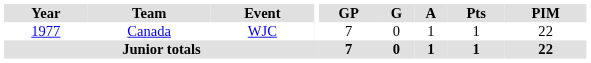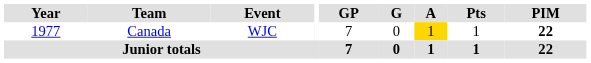 <table border="0" cellpadding="1" cellspacing="0" ID="Table3" style="text-align:center; width:40em">
 <tr bgcolor="#e0e0e0">
 <th>Year</th>
 <th>Team</th>
 <th>Event</th>
 <th rowspan="102" bgcolor="#ffffff"></th>
 <th>GP</th>
 <th>G</th>
 <th>A</th>
 <th>Pts</th>
 <th>PIM</th>
 </tr>
 <tr>
 <td><a href='#'>1977</a></td>
 <td><a href='#'>Canada</a></td>
 <td><a href='#'>WJC</a></td>
 <td>7</td>
 <td>0</td>
+<td style="background: gold;">1</td>
 <td>1</td>
-<td>1</td>
-<td>22</td>
+<td><strong>22</strong></td>
 </tr>
 <tr bgcolor="#e0e0e0">
 <th colspan="4">Junior totals</th>
 <th>7</th>
 <th>0</th>
 <th>1</th>
 <th>1</th>
 <th>22</th>
 </tr>
 </table>
